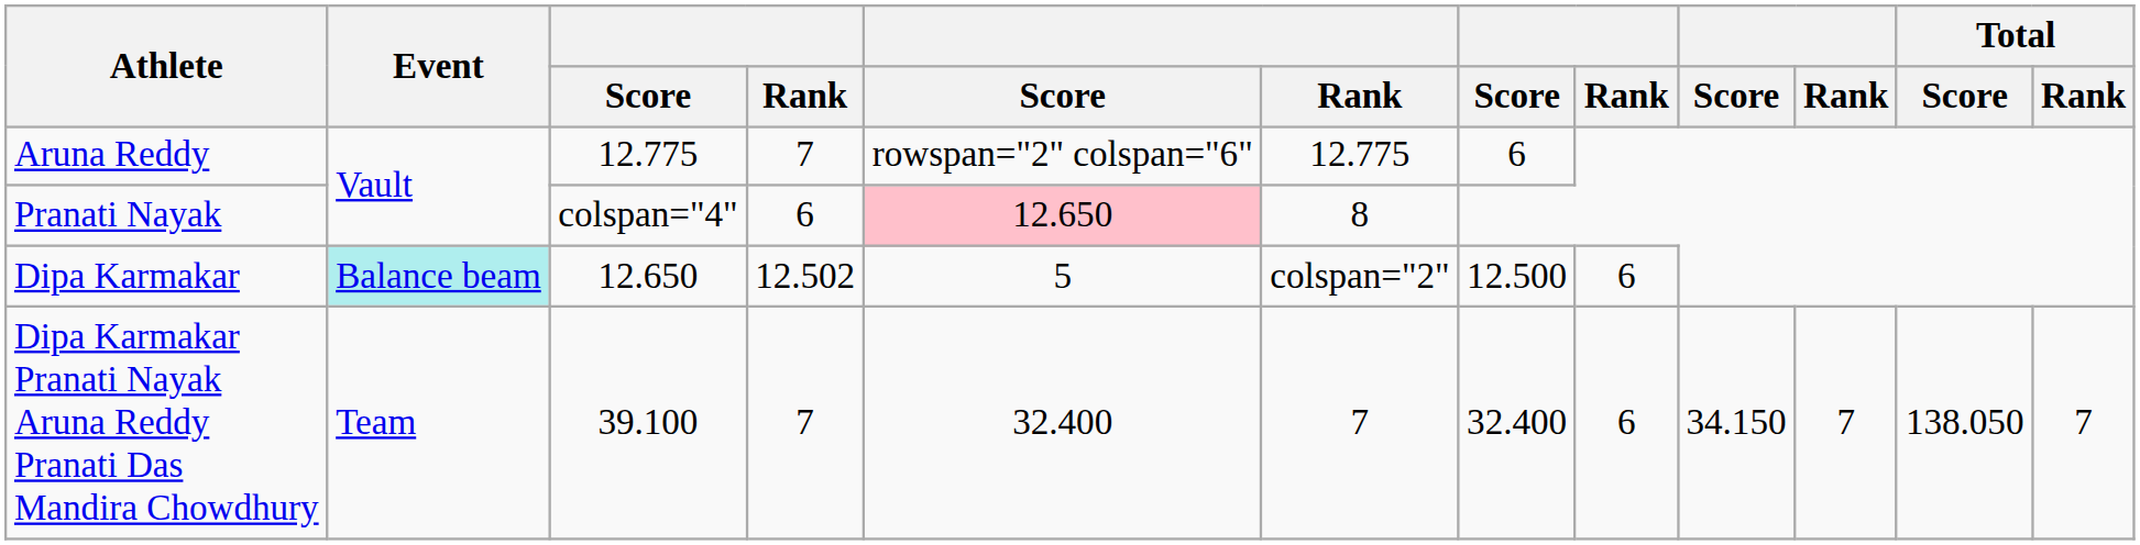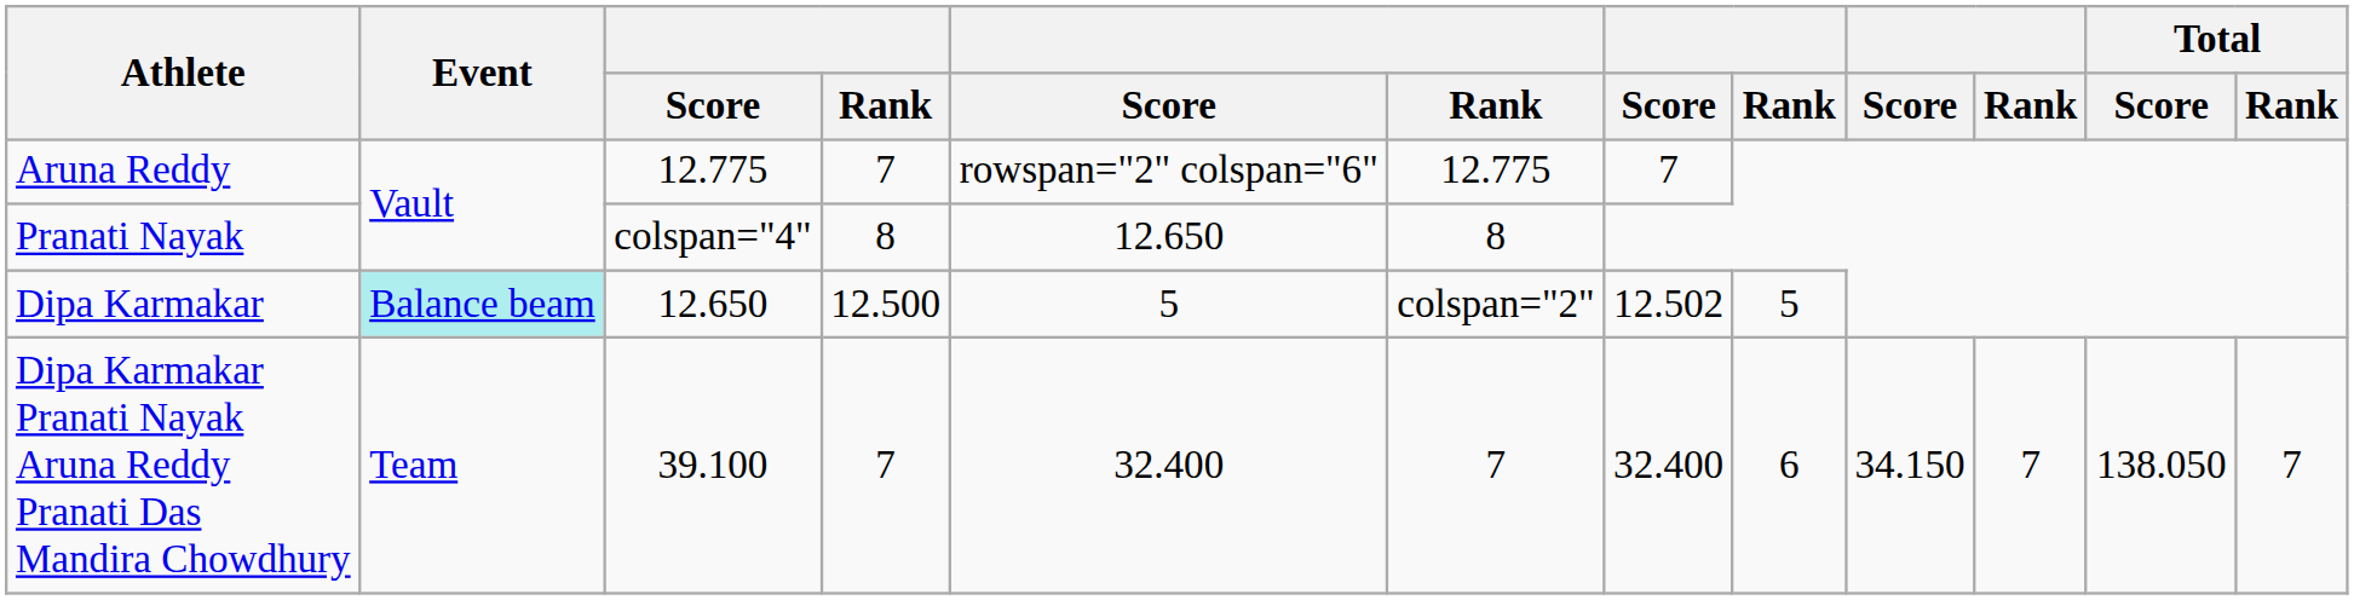 <table class=wikitable style="text-align:center; font-size:90%">
 <tr>
 <th rowspan="2">Athlete</th>
 <th rowspan="2">Event</th>
 <th colspan="2"></th>
 <th colspan="2"></th>
 <th colspan="2"></th>
 <th colspan="2"></th>
 <th colspan="2">Total</th>
 </tr>
 <tr>
 <th>Score</th>
 <th>Rank</th>
 <th>Score</th>
 <th>Rank</th>
 <th>Score</th>
 <th>Rank</th>
 <th>Score</th>
 <th>Rank</th>
 <th>Score</th>
 <th>Rank</th>
 </tr>
 <tr>
 <td align=left><a href='#'>Aruna Reddy</a></td>
 <td align=left rowspan="2"><a href='#'>Vault</a></td>
 <td>12.775</td>
 <td>7</td>
 <td>rowspan="2" colspan="6" </td>
 <td>12.775</td>
-<td>6</td>
+<td>7</td>
 </tr>
 <tr>
 <td align=left><a href='#'>Pranati Nayak</a></td>
 <td>colspan="4" </td>
-<td>6</td>
-<td style="background: pink;">12.650</td>
+<td>8</td>
+<td>12.650</td>
 <td>8</td>
 </tr>
 <tr>
 <td align=left><a href='#'>Dipa Karmakar</a></td>
 <td align=left style="background: paleturquoise;"><a href='#'>Balance beam</a></td>
 <td>12.650</td>
+<td>12.500</td>
+<td>5</td>
+<td>colspan="2" </td>
 <td>12.502</td>
 <td>5</td>
-<td>colspan="2" </td>
-<td>12.500</td>
-<td>6</td>
 </tr>
 <tr>
 <td align=left><a href='#'>Dipa Karmakar</a><br><a href='#'>Pranati Nayak</a><br><a href='#'>Aruna Reddy</a><br><a href='#'>Pranati Das</a><br><a href='#'>Mandira Chowdhury</a></td>
 <td align=left><a href='#'>Team</a></td>
 <td>39.100</td>
 <td>7</td>
 <td>32.400</td>
 <td>7</td>
 <td>32.400</td>
 <td>6</td>
 <td>34.150</td>
 <td>7</td>
 <td>138.050</td>
 <td>7</td>
 </tr>
 </table>
